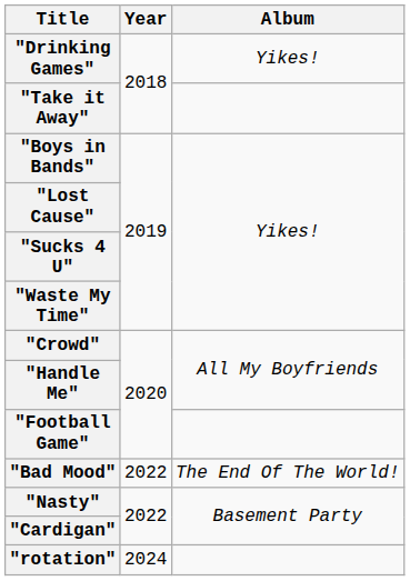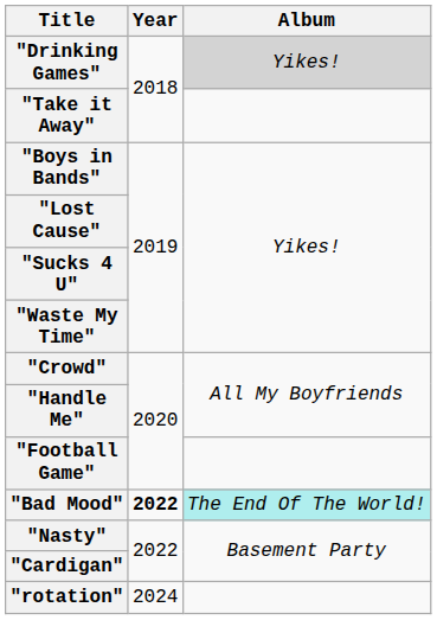 <table class="wikitable plainrowheaders" style="text-align:center;">
 <tr>
 <th scope="col" style="width:6em;">Title</th>
 <th scope="col">Year</th>
 <th scope="col">Album</th>
 </tr>
 <tr>
 <th scope="row">"Drinking Games"</th>
 <td rowspan="2">2018</td>
-<td><em>Yikes!</em></td>
+<td style="background: lightgrey;"><em>Yikes!</em></td>
 </tr>
 <tr>
 <th scope="row">"Take it Away"</th>
 <td></td>
 </tr>
 <tr>
 <th scope="row">"Boys in Bands"</th>
 <td rowspan="4">2019</td>
 <td rowspan="4"><em>Yikes!</em></td>
 </tr>
 <tr>
 <th scope="row">"Lost Cause"</th>
 </tr>
 <tr>
 <th scope="row">"Sucks 4 U"</th>
 </tr>
 <tr>
 <th scope="row">"Waste My Time"</th>
 </tr>
 <tr>
 <th scope="row">"Crowd"</th>
 <td rowspan="3">2020</td>
 <td rowspan="2"><em>All My Boyfriends</em></td>
 </tr>
 <tr>
 <th scope="row">"Handle Me"</th>
 </tr>
 <tr>
 <th scope="row">"Football Game"</th>
 <td></td>
 </tr>
 <tr>
 <th scope="row">"Bad Mood"<br></th>
-<td rowspan="1">2022</td>
-<td rowspan="1"><em>The End Of The World!</em></td>
+<td rowspan="1"><strong>2022</strong></td>
+<td rowspan="1" style="background: paleturquoise;"><em>The End Of The World!</em></td>
 </tr>
 <tr>
 <th scope="row">"Nasty"</th>
 <td rowspan="2">2022</td>
 <td rowspan="2"><em>Basement Party</em></td>
 </tr>
 <tr>
 <th scope="row">"Cardigan"</th>
 </tr>
 <tr>
 <th scope="row">"rotation"</th>
 <td rowspan="2">2024</td>
 <td></td>
 </tr>
 </table>
